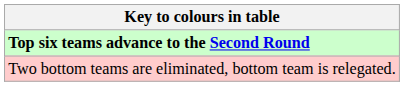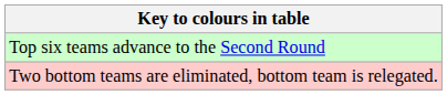 <table class="wikitable">
 <tr>
 <th>Key to colours in table</th>
 </tr>
 <tr bgcolor=#ccffcc>
-<td><strong>Top six teams advance to the <a href='#'>Second Round</a></strong></td>
+<td>Top six teams advance to the <a href='#'>Second Round</a></td>
 </tr>
 <tr bgcolor=#FFCCCC>
 <td>Two bottom teams are eliminated, bottom team is relegated.</td>
 </tr>
 </table>
